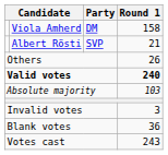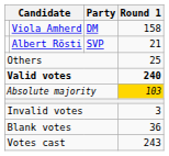 <table class="wikitable" style="text-align:right;">
 <tr>
 <th colspan="2">Candidate</th>
 <th>Party</th>
 <th>Round 1</th>
 </tr>
 <tr>
 <td style="background-color:"></td>
 <td style="text-align:left;"><a href='#'>Viola Amherd</a></td>
 <td style="text-align:left;"><a href='#'>DM</a></td>
 <td>158</td>
 </tr>
 <tr>
 <td style="background-color:"></td>
 <td style="text-align:left;"><a href='#'>Albert Rösti</a></td>
 <td style="text-align:left;"><a href='#'>SVP</a></td>
 <td>21</td>
 </tr>
 <tr>
 <td colspan="3" style="text-align:left;">Others</td>
-<td>26</td>
+<td>25</td>
 </tr>
 <tr style="font-weight:bold;">
 <td colspan="3" style="text-align:left;">Valid votes</td>
 <td>240</td>
 </tr>
 <tr style="font-style:italic; font-size:90%;">
 <td colspan="3" style="text-align:left;">Absolute majority</td>
-<td>103</td>
+<td style="background: gold;">103</td>
 </tr>
 <tr>
 <th colspan="10"></th>
 </tr>
 <tr>
 <td colspan="3" style="text-align:left;">Invalid votes</td>
 <td>3</td>
 </tr>
 <tr>
 <td colspan="3" style="text-align:left;">Blank votes</td>
 <td>36</td>
 </tr>
 <tr>
 <td colspan="3" style="text-align:left;">Votes cast</td>
 <td>243</td>
 </tr>
 </table>
